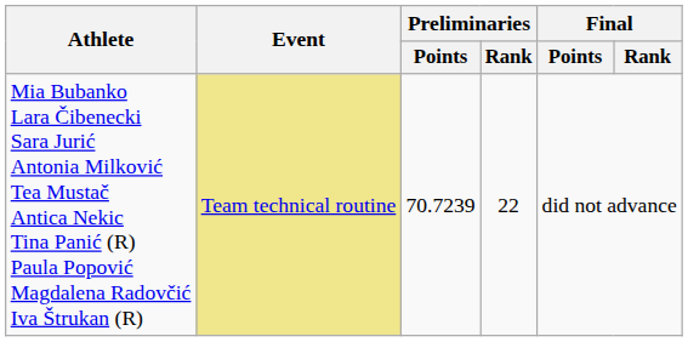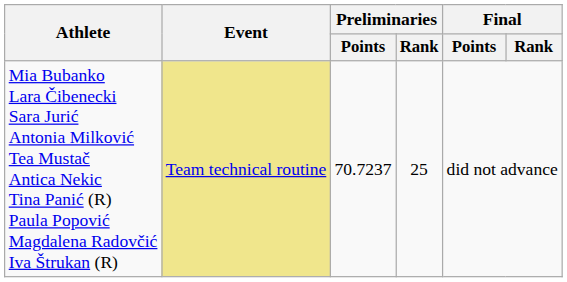 <table class=wikitable style="font-size:90%">
 <tr>
 <th rowspan="2">Athlete</th>
 <th rowspan="2">Event</th>
 <th colspan="2">Preliminaries</th>
 <th colspan="2">Final</th>
 </tr>
 <tr style="font-size:95%">
 <th>Points</th>
 <th>Rank</th>
 <th>Points</th>
 <th>Rank</th>
 </tr>
 <tr align=center>
 <td align=left><a href='#'>Mia Bubanko</a><br><a href='#'>Lara Čibenecki</a><br><a href='#'>Sara Jurić</a><br><a href='#'>Antonia Milković</a><br><a href='#'>Tea Mustač</a><br><a href='#'>Antica Nekic</a><br><a href='#'>Tina Panić</a> (R)<br><a href='#'>Paula Popović</a><br><a href='#'>Magdalena Radovčić</a><br><a href='#'>Iva Štrukan</a> (R)</td>
 <td align=left style="background: khaki;"><a href='#'>Team technical routine</a></td>
-<td>70.7239</td>
-<td>22</td>
+<td>70.7237</td>
+<td>25</td>
 <td colspan=2>did not advance</td>
 </tr>
 </table>
